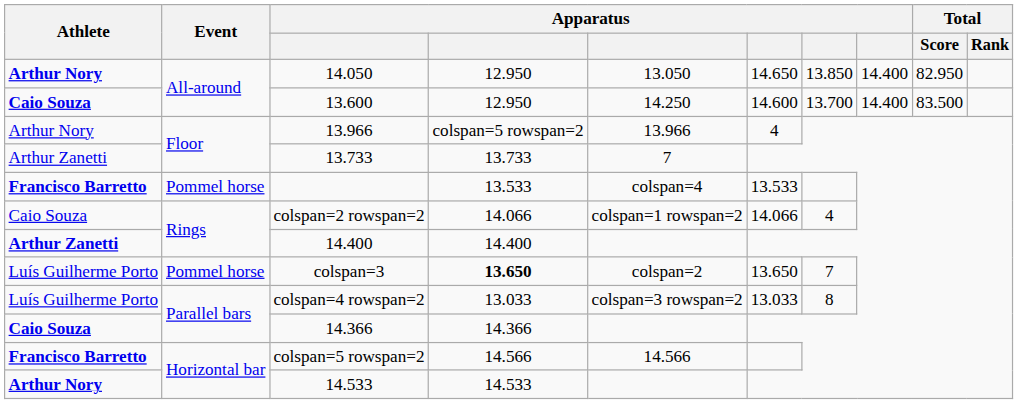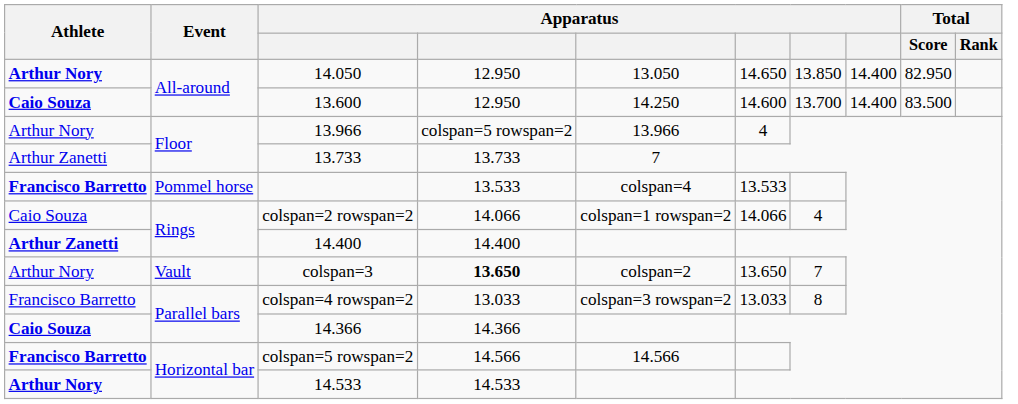 <table class=wikitable style=font-size:90%;text-align:center>
 <tr>
 <th rowspan=2>Athlete</th>
 <th rowspan=2>Event</th>
 <th colspan=6>Apparatus</th>
 <th colspan=2>Total</th>
 </tr>
 <tr style=font-size:95%>
 <th></th>
 <th></th>
 <th></th>
 <th></th>
 <th></th>
 <th></th>
 <th>Score</th>
 <th>Rank</th>
 </tr>
 <tr>
 <td align=left><strong><a href='#'>Arthur Nory</a></strong></td>
 <td align=left rowspan=2><a href='#'>All-around</a></td>
 <td>14.050</td>
 <td>12.950</td>
 <td>13.050</td>
 <td>14.650</td>
 <td>13.850</td>
 <td>14.400</td>
 <td>82.950</td>
 <td></td>
 </tr>
 <tr>
 <td align=left><strong><a href='#'>Caio Souza</a></strong></td>
 <td>13.600</td>
 <td>12.950</td>
 <td>14.250</td>
 <td>14.600</td>
 <td>13.700</td>
 <td>14.400</td>
 <td>83.500</td>
 <td></td>
 </tr>
 <tr>
 <td align=left><a href='#'>Arthur Nory</a></td>
 <td align=left rowspan=2><a href='#'>Floor</a></td>
 <td>13.966</td>
 <td>colspan=5 rowspan=2</td>
 <td>13.966</td>
 <td>4</td>
 </tr>
 <tr>
 <td align=left><a href='#'>Arthur Zanetti</a></td>
 <td>13.733</td>
 <td>13.733</td>
 <td>7</td>
 </tr>
 <tr>
 <td align=left><strong><a href='#'>Francisco Barretto</a></strong></td>
 <td align=left><a href='#'>Pommel horse</a></td>
 <td></td>
 <td>13.533</td>
 <td>colspan=4</td>
 <td>13.533</td>
 <td></td>
 </tr>
 <tr>
 <td align=left><a href='#'>Caio Souza</a></td>
 <td align=left rowspan=2><a href='#'>Rings</a></td>
 <td>colspan=2 rowspan=2</td>
 <td>14.066</td>
 <td>colspan=1 rowspan=2 </td>
 <td>14.066</td>
 <td>4</td>
 </tr>
 <tr>
 <td align=left><strong><a href='#'>Arthur Zanetti</a></strong></td>
 <td>14.400</td>
 <td>14.400</td>
 <td></td>
 </tr>
 <tr>
-<td align=left><a href='#'>Luís Guilherme Porto</a></td>
-<td align=left><a href='#'>Pommel horse</a></td>
+<td align=left><a href='#'>Arthur Nory</a></td>
+<td align=left><a href='#'>Vault</a></td>
 <td>colspan=3</td>
 <td><strong>13.650</strong></td>
 <td>colspan=2</td>
 <td>13.650</td>
 <td>7</td>
 </tr>
 <tr>
-<td align=left><a href='#'>Luís Guilherme Porto</a></td>
+<td align=left><a href='#'>Francisco Barretto</a></td>
 <td align=left rowspan=2><a href='#'>Parallel bars</a></td>
 <td>colspan=4 rowspan=2 </td>
 <td>13.033</td>
 <td>colspan=3 rowspan=2</td>
 <td>13.033</td>
 <td>8</td>
 </tr>
 <tr>
 <td align=left><strong><a href='#'>Caio Souza</a></strong></td>
 <td>14.366</td>
 <td>14.366</td>
 <td></td>
 </tr>
 <tr>
 <td align=left><strong><a href='#'>Francisco Barretto</a></strong></td>
 <td align=left rowspan=2><a href='#'>Horizontal bar</a></td>
 <td>colspan=5 rowspan=2</td>
 <td>14.566</td>
 <td>14.566</td>
 <td></td>
 </tr>
 <tr>
 <td align=left><strong><a href='#'>Arthur Nory</a></strong></td>
 <td>14.533</td>
 <td>14.533</td>
 <td></td>
 </tr>
 </table>
